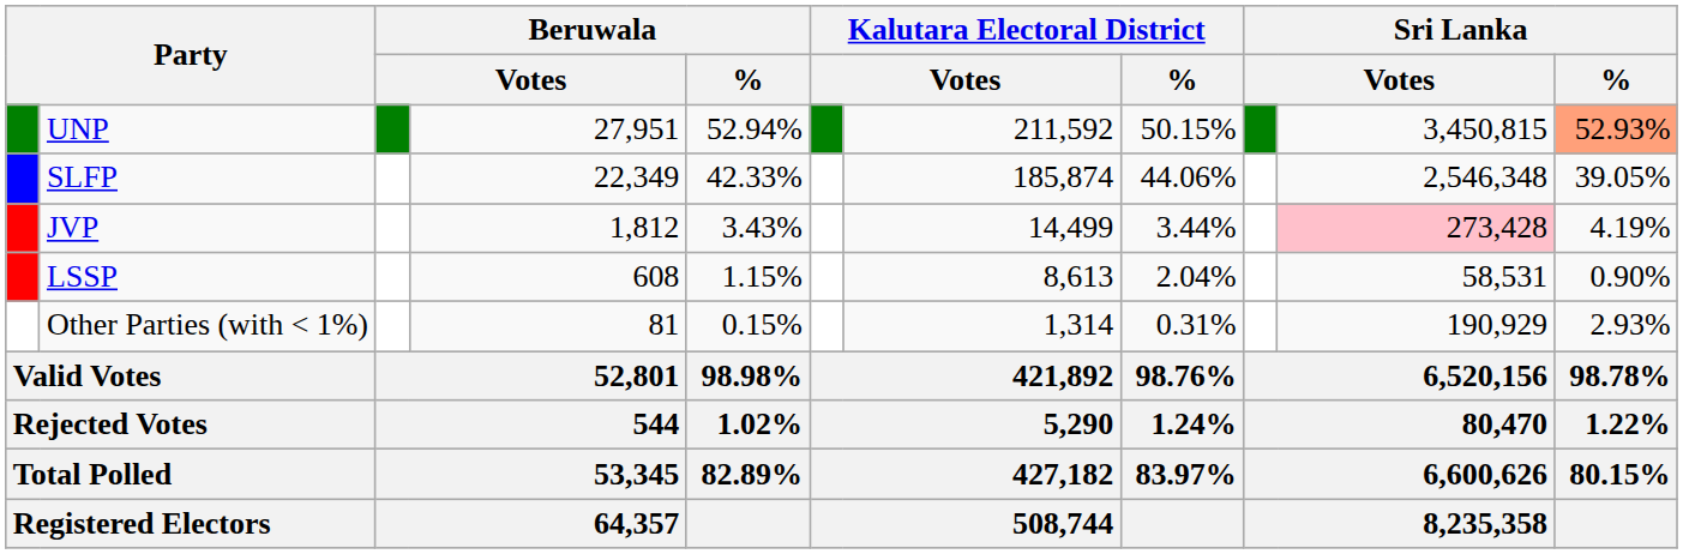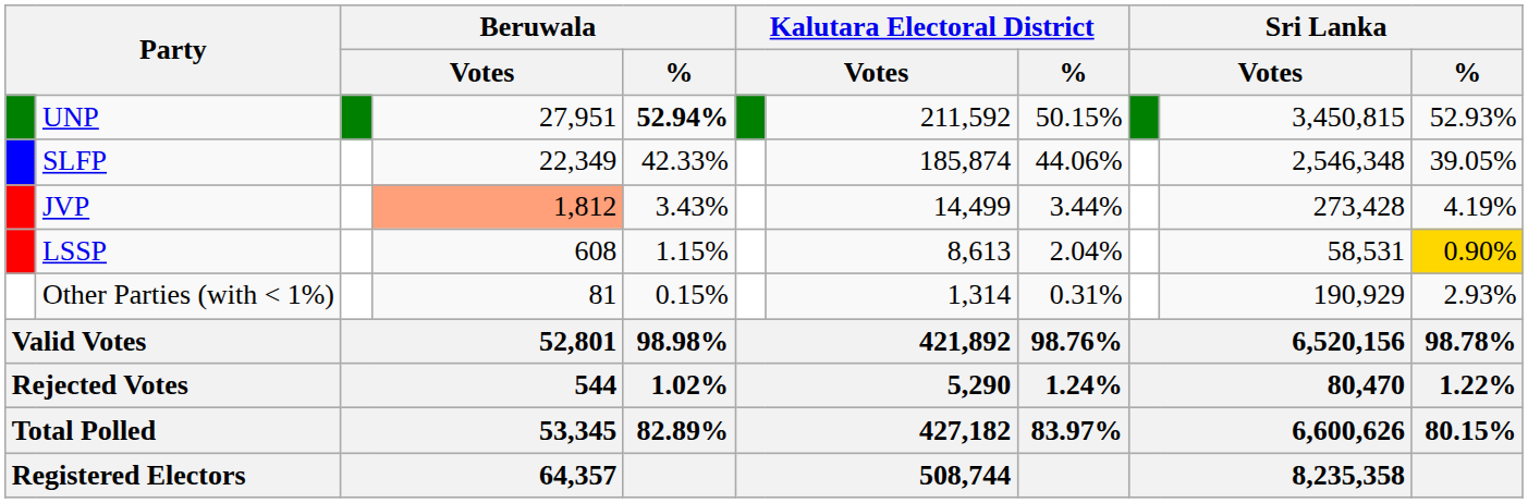 <table class="wikitable">
 <tr>
 <th colspan="2" width="144px"rowspan="2">Party</th>
 <th colspan="3" width="216px">Beruwala</th>
 <th colspan="3" width="216px"><a href='#'>Kalutara Electoral District</a></th>
 <th colspan="3" width="216px">Sri Lanka</th>
 </tr>
 <tr>
 <th colspan="2" width="144px">Votes</th>
 <th>%</th>
 <th colspan="2" width="144px">Votes</th>
 <th>%</th>
 <th colspan="2" width="144px">Votes</th>
 <th>%</th>
 </tr>
 <tr>
 <td style="background-color:green;" width="10px"></td>
 <td style="text-align:left;"><a href='#'>UNP</a></td>
 <td style="background-color:green;" width="10px"></td>
 <td style="text-align:right;">27,951</td>
-<td style="text-align:right;">52.94%</td>
+<td style="text-align:right;"><strong>52.94%</strong></td>
 <td style="background-color:green;" width="10px"></td>
 <td style="text-align:right;">211,592</td>
 <td style="text-align:right;">50.15%</td>
 <td style="background-color:green;" width="10px"></td>
 <td style="text-align:right;">3,450,815</td>
-<td style="background: lightsalmon; text-align:right;">52.93%</td>
+<td style="text-align:right;">52.93%</td>
 </tr>
 <tr>
 <td style="background-color:blue;" width="10px"></td>
 <td style="text-align:left;"><a href='#'>SLFP</a></td>
 <td style="background-color:white;" width="10px"></td>
 <td style="text-align:right;">22,349</td>
 <td style="text-align:right;">42.33%</td>
 <td style="background-color:white;" width="10px"></td>
 <td style="text-align:right;">185,874</td>
 <td style="text-align:right;">44.06%</td>
 <td style="background-color:white;" width="10px"></td>
 <td style="text-align:right;">2,546,348</td>
 <td style="text-align:right;">39.05%</td>
 </tr>
 <tr>
 <td style="background-color:red;" width="10px"></td>
 <td style="text-align:left;"><a href='#'>JVP</a></td>
 <td style="background-color:white;" width="10px"></td>
-<td style="text-align:right;">1,812</td>
+<td style="background: lightsalmon; text-align:right;">1,812</td>
 <td style="text-align:right;">3.43%</td>
 <td style="background-color:white;" width="10px"></td>
 <td style="text-align:right;">14,499</td>
 <td style="text-align:right;">3.44%</td>
 <td style="background-color:white;" width="10px"></td>
-<td style="background: pink; text-align:right;">273,428</td>
+<td style="text-align:right;">273,428</td>
 <td style="text-align:right;">4.19%</td>
 </tr>
 <tr>
 <td style="background-color:red;" width="10px"></td>
 <td style="text-align:left;"><a href='#'>LSSP</a></td>
 <td style="background-color:white;" width="10px"></td>
 <td style="text-align:right;">608</td>
 <td style="text-align:right;">1.15%</td>
 <td style="background-color:white;" width="10px"></td>
 <td style="text-align:right;">8,613</td>
 <td style="text-align:right;">2.04%</td>
 <td style="background-color:white;" width="10px"></td>
 <td style="text-align:right;">58,531</td>
-<td style="text-align:right;">0.90%</td>
+<td style="background: gold; text-align:right;">0.90%</td>
 </tr>
 <tr>
 <td style="background-color:white;" width="10px"></td>
 <td style="text-align:left;">Other Parties (with < 1%)</td>
 <td style="background-color:white;" width="10px"></td>
 <td style="text-align:right;">81</td>
 <td style="text-align:right;">0.15%</td>
 <td style="background-color:white;" width="10px"></td>
 <td style="text-align:right;">1,314</td>
 <td style="text-align:right;">0.31%</td>
 <td style="background-color:white;" width="10px"></td>
 <td style="text-align:right;">190,929</td>
 <td style="text-align:right;">2.93%</td>
 </tr>
 <tr>
 <th colspan="2" width="144px"style="text-align:left;">Valid Votes</th>
 <th style="text-align:right;"colspan="2" width="144px">52,801</th>
 <th style="text-align:right;">98.98%</th>
 <th style="text-align:right;"colspan="2" width="144px">421,892</th>
 <th style="text-align:right;">98.76%</th>
 <th style="text-align:right;"colspan="2" width="144px">6,520,156</th>
 <th style="text-align:right;">98.78%</th>
 </tr>
 <tr>
 <th colspan="2" width="144px"style="text-align:left;">Rejected Votes</th>
 <th style="text-align:right;"colspan="2" width="144px">544</th>
 <th style="text-align:right;">1.02%</th>
 <th style="text-align:right;"colspan="2" width="144px">5,290</th>
 <th style="text-align:right;">1.24%</th>
 <th style="text-align:right;"colspan="2" width="144px">80,470</th>
 <th style="text-align:right;">1.22%</th>
 </tr>
 <tr>
 <th colspan="2" width="144px"style="text-align:left;">Total Polled</th>
 <th style="text-align:right;"colspan="2" width="144px">53,345</th>
 <th style="text-align:right;">82.89%</th>
 <th style="text-align:right;"colspan="2" width="144px">427,182</th>
 <th style="text-align:right;">83.97%</th>
 <th style="text-align:right;"colspan="2" width="144px">6,600,626</th>
 <th style="text-align:right;">80.15%</th>
 </tr>
 <tr>
 <th colspan="2" width="144px"style="text-align:left;">Registered Electors</th>
 <th style="text-align:right;"colspan="2" width="144px">64,357</th>
 <th></th>
 <th style="text-align:right;"colspan="2" width="144px">508,744</th>
 <th></th>
 <th style="text-align:right;"colspan="2" width="144px">8,235,358</th>
 <th></th>
 </tr>
 </table>
